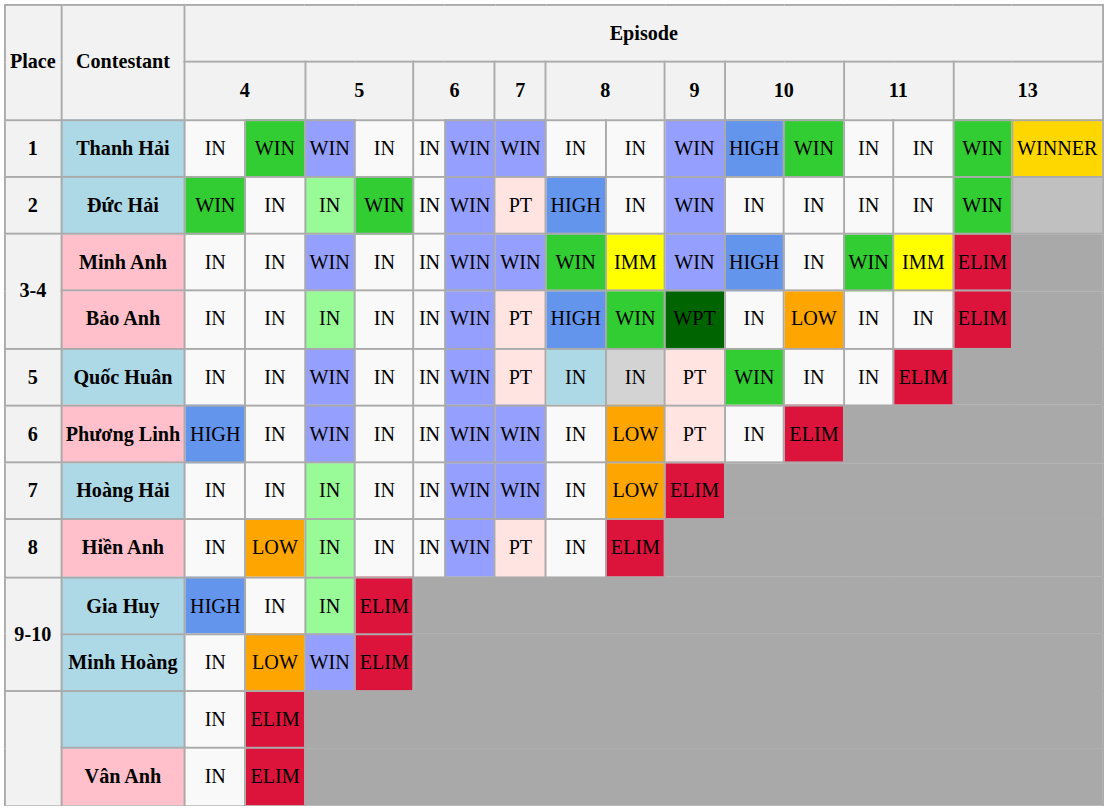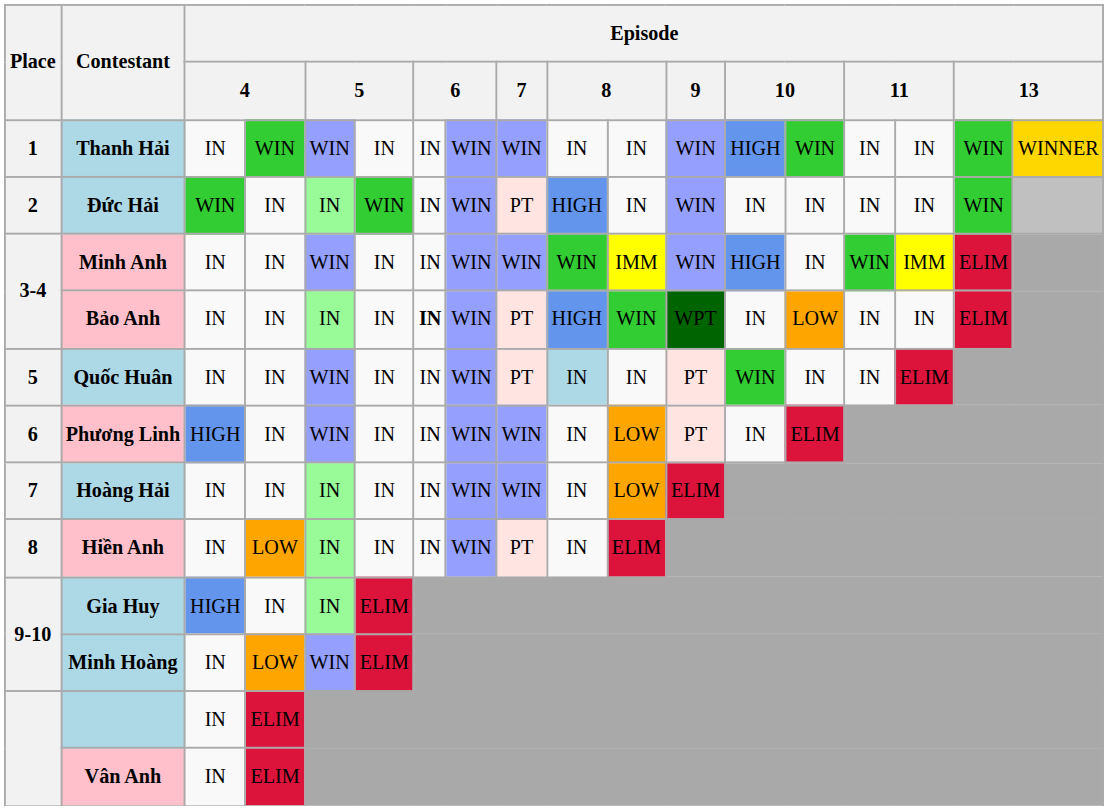 <table class="wikitable" style="text-align: center; font-size: 8pt; line-height:25px;">
 <tr>
 <th rowspan="2">Place</th>
 <th rowspan="2">Contestant</th>
 <th colspan="16">Episode</th>
 </tr>
 <tr>
 <th colspan="2">4</th>
 <th colspan="2">5</th>
 <th colspan="2">6</th>
 <th>7</th>
 <th colspan="2">8</th>
 <th>9</th>
 <th colspan="2">10</th>
 <th colspan="2">11</th>
 <th colspan="2">13</th>
 </tr>
 <tr>
 <th>1</th>
 <th style="background:lightblue;">Thanh Hải</th>
 <td>IN</td>
 <td style="background:limegreen;">WIN</td>
 <td style="background:#959FFD;">WIN</td>
 <td>IN</td>
 <td>IN</td>
 <td style="background:#959FFD;">WIN</td>
 <td style="background:#959FFD;">WIN</td>
 <td>IN</td>
 <td>IN</td>
 <td style="background:#959FFD;">WIN</td>
 <td style="background:cornflowerblue;">HIGH</td>
 <td style="background:limegreen;">WIN</td>
 <td>IN</td>
 <td>IN</td>
 <td style="background:limegreen;">WIN</td>
 <td style="background:gold;">WINNER</td>
 </tr>
 <tr>
 <th>2</th>
 <th style="background:lightblue;">Đức Hải</th>
 <td style="background:limegreen;">WIN</td>
 <td>IN</td>
 <td style="background:palegreen;">IN</td>
 <td style="background:limegreen;">WIN</td>
 <td>IN</td>
 <td style="background:#959FFD;">WIN</td>
 <td style="background:mistyrose;">PT</td>
 <td style="background:cornflowerblue;">HIGH</td>
 <td>IN</td>
 <td style="background:#959FFD;">WIN</td>
 <td>IN</td>
 <td>IN</td>
 <td>IN</td>
 <td>IN</td>
 <td style="background:limegreen;">WIN</td>
 <td style="background:silver;"></td>
 </tr>
 <tr>
 <th rowspan=2>3-4</th>
 <th style="background:pink;">Minh Anh</th>
 <td>IN</td>
 <td>IN</td>
 <td style="background:#959FFD;">WIN</td>
 <td>IN</td>
 <td>IN</td>
 <td style="background:#959FFD;">WIN</td>
 <td style="background:#959FFD;">WIN</td>
 <td style="background:limegreen;">WIN</td>
 <td style="background:yellow;">IMM</td>
 <td style="background:#959FFD;">WIN</td>
 <td style="background:cornflowerblue;">HIGH</td>
 <td>IN</td>
 <td style="background:limegreen;">WIN</td>
 <td style="background:yellow;">IMM</td>
 <td style="background:crimson;">ELIM</td>
 <td style="background:darkgrey;" colspan="22"></td>
 </tr>
 <tr>
 <th style="background:pink;">Bảo Anh</th>
 <td>IN</td>
 <td>IN</td>
 <td style="background:palegreen;">IN</td>
 <td>IN</td>
-<td>IN</td>
+<td><strong>IN</strong></td>
 <td style="background:#959FFD;">WIN</td>
 <td style="background:mistyrose;">PT</td>
 <td style="background:cornflowerblue;">HIGH</td>
 <td style="background:limegreen;">WIN</td>
 <td style="background:darkgreen;">WPT</td>
 <td>IN</td>
 <td style="background:orange;">LOW</td>
 <td>IN</td>
 <td>IN</td>
 <td style="background:crimson;">ELIM</td>
 <td style="background:darkgrey;" colspan="22"></td>
 </tr>
 <tr>
 <th>5</th>
 <th style="background:lightblue;">Quốc Huân</th>
 <td>IN</td>
 <td>IN</td>
 <td style="background:#959FFD;">WIN</td>
 <td>IN</td>
 <td>IN</td>
 <td style="background:#959FFD;">WIN</td>
 <td style="background:mistyrose;">PT</td>
 <td style="background: lightblue;">IN</td>
-<td style="background: lightgrey;">IN</td>
+<td>IN</td>
 <td style="background:mistyrose;">PT</td>
 <td style="background:limegreen;">WIN</td>
 <td>IN</td>
 <td>IN</td>
 <td style="background:crimson;">ELIM</td>
 <td style="background:darkgrey;" colspan="22"></td>
 </tr>
 <tr>
 <th>6</th>
 <th style="background:pink;">Phương Linh</th>
 <td style="background:cornflowerblue;">HIGH</td>
 <td>IN</td>
 <td style="background:#959FFD;">WIN</td>
 <td>IN</td>
 <td>IN</td>
 <td style="background:#959FFD;">WIN</td>
 <td style="background:#959FFD;">WIN</td>
 <td>IN</td>
 <td style="background:orange;">LOW</td>
 <td style="background:mistyrose;">PT</td>
 <td>IN</td>
 <td style="background:crimson;">ELIM</td>
 <td style="background:darkgrey;" colspan="22"></td>
 </tr>
 <tr>
 <th>7</th>
 <th style="background:lightblue;">Hoàng Hải</th>
 <td>IN</td>
 <td>IN</td>
 <td style="background:palegreen;">IN</td>
 <td>IN</td>
 <td>IN</td>
 <td style="background:#959FFD;">WIN</td>
 <td style="background:#959FFD;">WIN</td>
 <td>IN</td>
 <td style="background:orange;">LOW</td>
 <td style="background:crimson;">ELIM</td>
 <td style="background:darkgrey;" colspan="22"></td>
 </tr>
 <tr>
 <th>8</th>
 <th style="background:pink;">Hiền Anh</th>
 <td>IN</td>
 <td style="background:orange;">LOW</td>
 <td style="background:palegreen;">IN</td>
 <td>IN</td>
 <td>IN</td>
 <td style="background:#959FFD;">WIN</td>
 <td style="background:mistyrose;">PT</td>
 <td>IN</td>
 <td style="background:crimson;">ELIM</td>
 <td style="background:darkgrey;" colspan="22"></td>
 </tr>
 <tr>
 <th rowspan=2>9-10</th>
 <th style="background:lightblue;">Gia Huy</th>
 <td style="background:cornflowerblue;">HIGH</td>
 <td>IN</td>
 <td style="background:palegreen;">IN</td>
 <td style="background:crimson;">ELIM</td>
 <td style="background:darkgrey;" colspan="22"></td>
 </tr>
 <tr>
 <th style="background:lightblue;">Minh Hoàng</th>
 <td>IN</td>
 <td style="background:orange;">LOW</td>
 <td style="background:#959FFD;">WIN</td>
 <td style="background:crimson;">ELIM</td>
 <td style="background:darkgrey;" colspan="22"></td>
 </tr>
 <tr>
 <th rowspan=2></th>
 <th style="background:lightblue;"></th>
 <td>IN</td>
 <td style="background:crimson;">ELIM</td>
 <td style="background:darkgrey;" colspan="22"></td>
 </tr>
 <tr>
 <th style="background:pink;">Vân Anh</th>
 <td>IN</td>
 <td style="background:crimson;">ELIM</td>
 <td style="background:darkgrey;" colspan="22"></td>
 </tr>
 </table>
